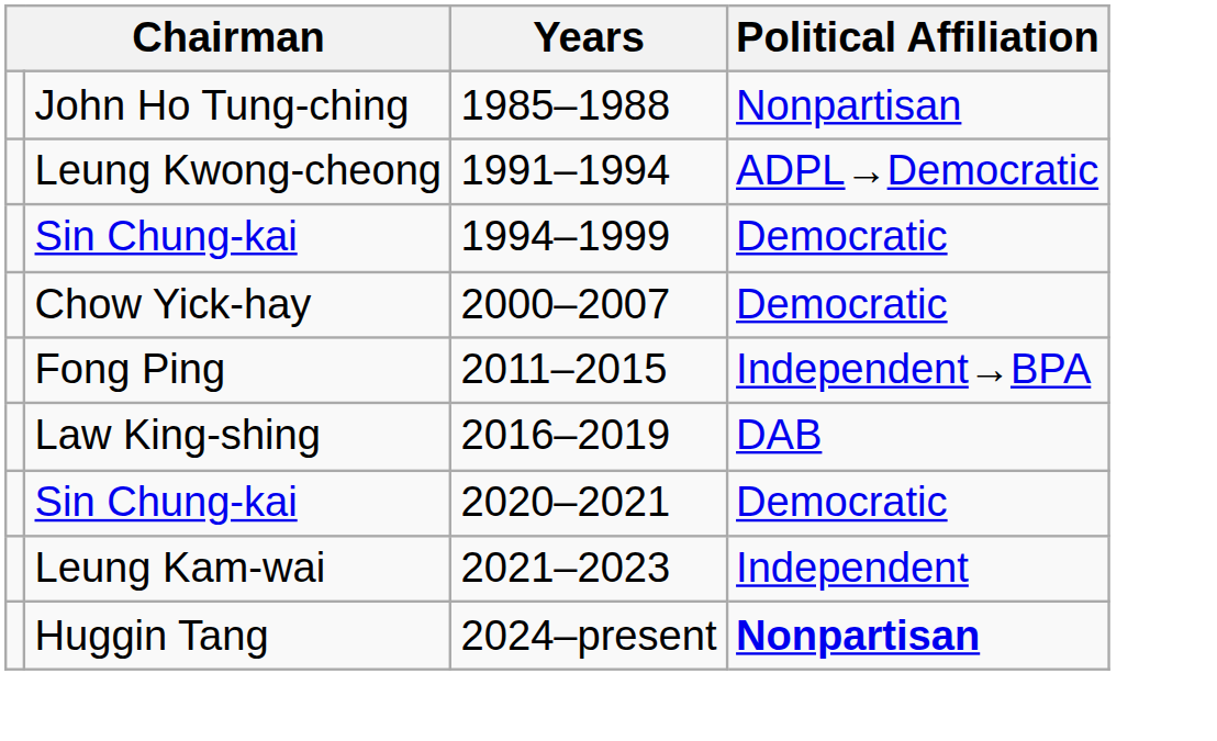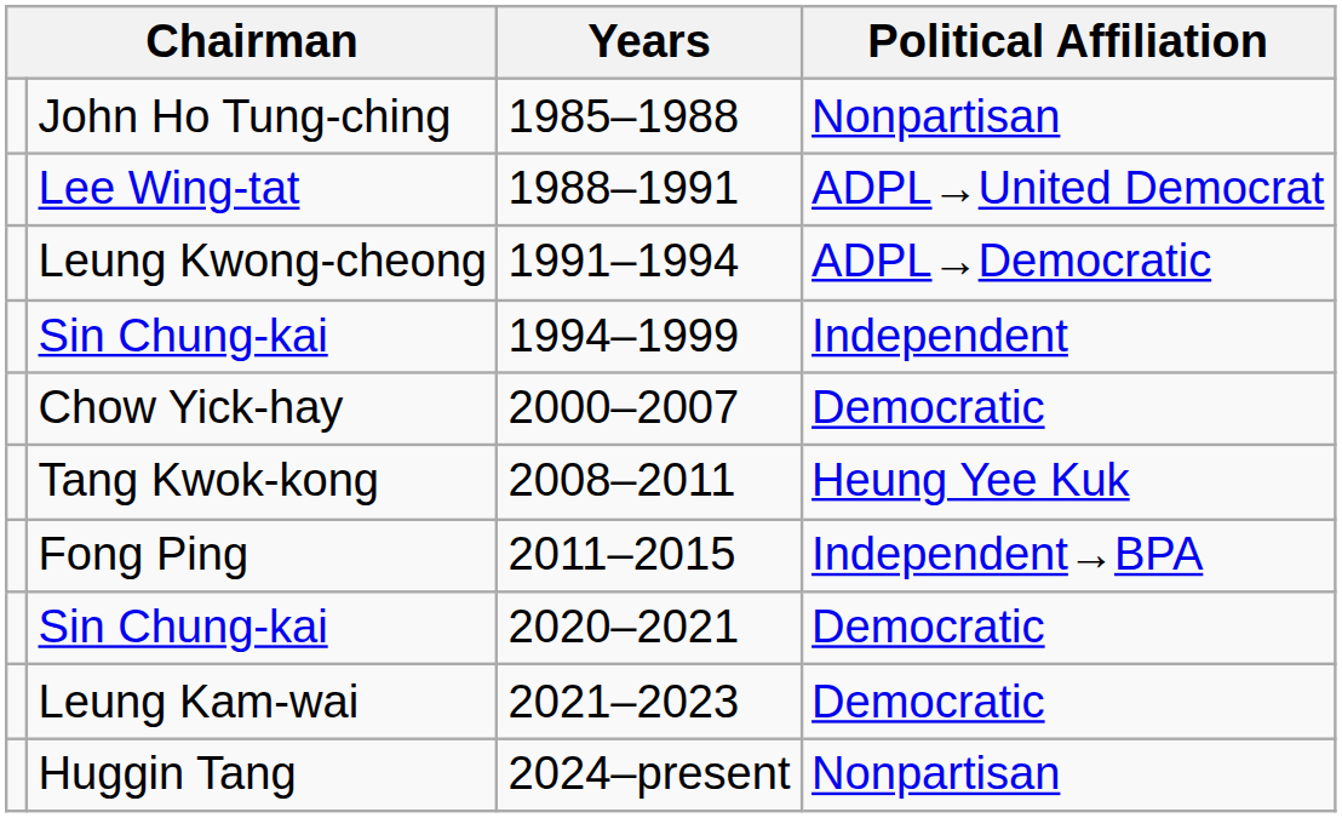 <table class="wikitable">
 <tr>
 <th colspan=2>Chairman</th>
 <th>Years</th>
 <th>Political Affiliation</th>
 </tr>
 <tr>
 <td style="color:inherit;background:"></td>
 <td>John Ho Tung-ching</td>
 <td>1985–1988</td>
 <td><a href='#'>Nonpartisan</a></td>
 </tr>
 <tr>
 <td style="color:inherit;background:"></td>
+<td><a href='#'>Lee Wing-tat</a></td>
+<td>1988–1991</td>
+<td><a href='#'>ADPL</a>→<a href='#'>United Democrat</a></td>
+</tr>
+<tr>
+<td style="color:inherit;background:"></td>
 <td>Leung Kwong-cheong</td>
 <td>1991–1994</td>
 <td><a href='#'>ADPL</a>→<a href='#'>Democratic</a></td>
 </tr>
 <tr>
 <td style="color:inherit;background:"></td>
 <td><a href='#'>Sin Chung-kai</a></td>
 <td>1994–1999</td>
-<td><a href='#'>Democratic</a></td>
+<td><a href='#'>Independent</a></td>
 </tr>
 <tr>
 <td style="color:inherit;background:"></td>
 <td>Chow Yick-hay</td>
 <td>2000–2007</td>
 <td><a href='#'>Democratic</a></td>
 </tr>
 <tr>
 <td style="color:inherit;background:"></td>
+<td>Tang Kwok-kong</td>
+<td>2008–2011</td>
+<td><a href='#'>Heung Yee Kuk</a></td>
+</tr>
+<tr>
+<td style="color:inherit;background:"></td>
 <td>Fong Ping</td>
 <td>2011–2015</td>
 <td><a href='#'>Independent</a>→<a href='#'>BPA</a></td>
-</tr>
-<tr>
-<td style="color:inherit;background: "></td>
-<td>Law King-shing</td>
-<td>2016–2019</td>
-<td><a href='#'>DAB</a></td>
 </tr>
 <tr>
 <td style="color:inherit;background:"></td>
 <td><a href='#'>Sin Chung-kai</a></td>
 <td>2020–2021</td>
 <td><a href='#'>Democratic</a></td>
 </tr>
 <tr>
 <td style="color:inherit;background:"></td>
 <td>Leung Kam-wai</td>
 <td>2021–2023</td>
-<td><a href='#'>Independent</a></td>
+<td><a href='#'>Democratic</a></td>
 </tr>
 <tr>
 <td style="color:inherit;background:"></td>
 <td>Huggin Tang</td>
 <td>2024–present</td>
-<td><strong><a href='#'>Nonpartisan</a></strong></td>
+<td><a href='#'>Nonpartisan</a></td>
 </tr>
 </table>
